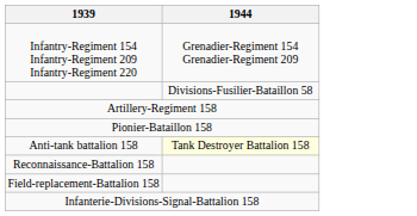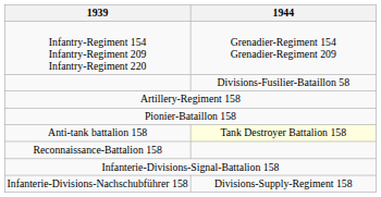 <table class="wikitable" style="text-align:center">
 <tr>
 <th width=50%>1939</th>
 <th>1944</th>
 </tr>
 <tr>
 <td><br>Infantry-Regiment 154<br> Infantry-Regiment 209<br> Infantry-Regiment 220</td>
 <td style="vertical-align:top"><br>Grenadier-Regiment 154<br> Grenadier-Regiment 209</td>
 </tr>
 <tr>
 <td></td>
 <td>Divisions-Fusilier-Bataillon 58</td>
 </tr>
 <tr>
 <td colspan=2>Artillery-Regiment 158</td>
 </tr>
 <tr>
 <td colspan=2>Pionier-Bataillon 158</td>
 </tr>
 <tr>
 <td>Anti-tank battalion 158</td>
 <td style="background: lightyellow;">Tank Destroyer Battalion 158</td>
 </tr>
 <tr>
 <td>Reconnaissance-Battalion 158</td>
 <td></td>
 </tr>
 <tr>
-<td>Field-replacement-Battalion 158</td>
-<td></td>
+<td colspan=2>Infanterie-Divisions-Signal-Battalion 158</td>
 </tr>
 <tr>
-<td colspan=2>Infanterie-Divisions-Signal-Battalion 158</td>
+<td>Infanterie-Divisions-Nachschubführer 158</td>
+<td>Divisions-Supply-Regiment 158</td>
 </tr>
 </table>
